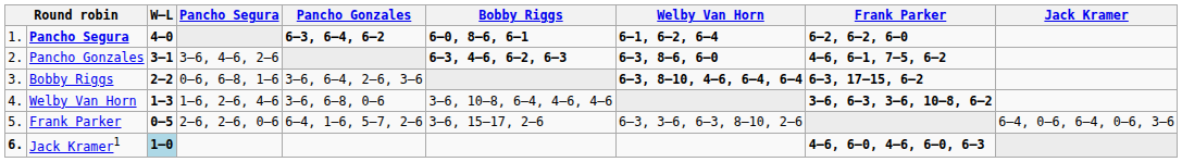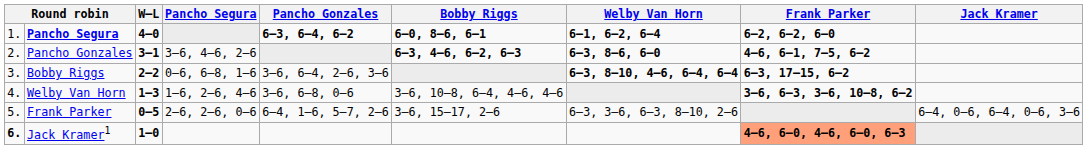 <table class="wikitable" style="font-size:90%">
 <tr>
 <th colspan="2">Round robin</th>
 <th>W–L</th>
 <th> <a href='#'>Pancho Segura</a></th>
 <th> <a href='#'>Pancho Gonzales</a></th>
 <th> <a href='#'>Bobby Riggs</a></th>
 <th> <a href='#'>Welby Van Horn</a></th>
 <th> <a href='#'>Frank Parker</a></th>
 <th> <a href='#'>Jack Kramer</a></th>
 </tr>
 <tr>
 <td>1.</td>
 <td> <strong><a href='#'>Pancho Segura</a></strong></td>
 <td><strong>4–0</strong></td>
 <td bgcolor=#ececec></td>
 <td><strong>6–3, 6–4, 6–2</strong></td>
 <td><strong>6–0, 8–6, 6–1</strong></td>
 <td><strong>6–1, 6–2, 6–4</strong></td>
 <td><strong>6–2, 6–2, 6–0</strong></td>
 <td></td>
 </tr>
 <tr>
 <td>2.</td>
 <td> <a href='#'>Pancho Gonzales</a></td>
 <td><strong>3–1</strong></td>
 <td>3–6, 4–6, 2–6</td>
 <td bgcolor=#ececec></td>
 <td><strong>6–3, 4–6, 6–2, 6–3</strong></td>
 <td><strong>6–3, 8–6, 6–0</strong></td>
 <td><strong>4–6, 6–1, 7–5, 6–2</strong></td>
 <td></td>
 </tr>
 <tr>
 <td>3.</td>
 <td> <a href='#'>Bobby Riggs</a></td>
 <td><strong>2–2</strong></td>
 <td>0–6, 6–8, 1–6</td>
 <td>3–6, 6–4, 2–6, 3–6</td>
 <td bgcolor=#ececec></td>
 <td><strong>6–3, 8–10, 4–6, 6–4, 6–4</strong></td>
 <td><strong>6–3, 17–15, 6–2</strong></td>
 <td></td>
 </tr>
 <tr>
 <td>4.</td>
 <td> <a href='#'>Welby Van Horn</a></td>
 <td><strong>1–3</strong></td>
 <td>1–6, 2–6, 4–6</td>
 <td>3–6, 6–8, 0–6</td>
 <td>3–6, 10–8, 6–4, 4–6, 4–6</td>
 <td bgcolor=#ececec></td>
 <td><strong>3–6, 6–3, 3–6, 10–8, 6–2</strong></td>
 <td></td>
 </tr>
 <tr>
 <td>5.</td>
 <td> <a href='#'>Frank Parker</a></td>
 <td><strong>0–5</strong></td>
 <td>2–6, 2–6, 0–6</td>
 <td>6–4, 1–6, 5–7, 2–6</td>
 <td>3–6, 15–17, 2–6</td>
 <td>6–3, 3–6, 6–3, 8–10, 2–6</td>
 <td bgcolor=#ececec></td>
 <td>6–4, 0–6, 6–4, 0–6, 3–6</td>
 </tr>
 <tr>
 <td><strong>6.</strong></td>
 <td> <a href='#'>Jack Kramer</a><sup>1</sup></td>
-<td style="background: lightblue;"><strong>1–0</strong></td>
+<td><strong>1–0</strong></td>
 <td></td>
 <td></td>
 <td></td>
 <td></td>
-<td><strong>4–6, 6–0, 4–6, 6–0, 6–3</strong></td>
+<td style="background: lightsalmon;"><strong>4–6, 6–0, 4–6, 6–0, 6–3</strong></td>
 <td bgcolor=#ececec></td>
 </tr>
 <tr>
 </tr>
 </table>
